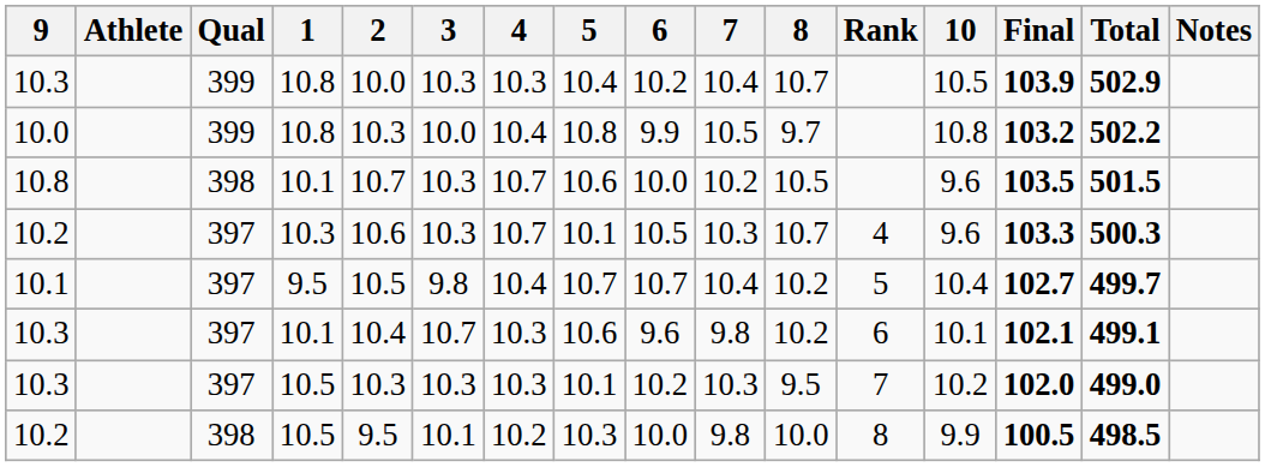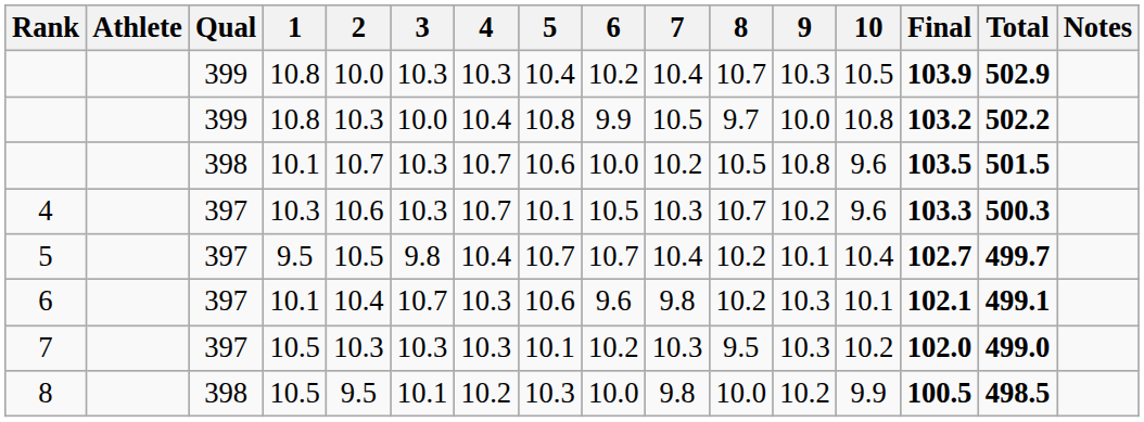 <table class="wikitable sortable">
 <tr>
-<th class="unsortable" style="width: 28px">9</th>
+<th>Rank</th>
 <th>Athlete</th>
 <th>Qual</th>
 <th class="unsortable" style="width: 28px">1</th>
 <th class="unsortable" style="width: 28px">2</th>
 <th class="unsortable" style="width: 28px">3</th>
 <th class="unsortable" style="width: 28px">4</th>
 <th class="unsortable" style="width: 28px">5</th>
 <th class="unsortable" style="width: 28px">6</th>
 <th class="unsortable" style="width: 28px">7</th>
 <th class="unsortable" style="width: 28px">8</th>
-<th>Rank</th>
+<th class="unsortable" style="width: 28px">9</th>
 <th class="unsortable" style="width: 28px">10</th>
 <th>Final</th>
 <th>Total</th>
 <th class="unsortable">Notes</th>
 </tr>
 <tr>
-<td align="center">10.3</td>
+<td align="center"></td>
 <td></td>
 <td align="center">399</td>
 <td align="center">10.8</td>
 <td align="center">10.0</td>
 <td align="center">10.3</td>
 <td align="center">10.3</td>
 <td align="center">10.4</td>
 <td align="center">10.2</td>
 <td align="center">10.4</td>
 <td align="center">10.7</td>
-<td align="center"></td>
+<td align="center">10.3</td>
 <td align="center">10.5</td>
 <td align="center"><strong>103.9</strong></td>
 <td align="center"><strong>502.9</strong></td>
 <td align="center"></td>
 </tr>
 <tr>
-<td align="center">10.0</td>
+<td align="center"></td>
 <td></td>
 <td align="center">399</td>
 <td align="center">10.8</td>
 <td align="center">10.3</td>
 <td align="center">10.0</td>
 <td align="center">10.4</td>
 <td align="center">10.8</td>
 <td align="center">9.9</td>
 <td align="center">10.5</td>
 <td align="center">9.7</td>
-<td align="center"></td>
+<td align="center">10.0</td>
 <td align="center">10.8</td>
 <td align="center"><strong>103.2</strong></td>
 <td align="center"><strong>502.2</strong></td>
 <td align="center"></td>
 </tr>
 <tr>
-<td align="center">10.8</td>
+<td align="center"></td>
 <td></td>
 <td align="center">398</td>
 <td align="center">10.1</td>
 <td align="center">10.7</td>
 <td align="center">10.3</td>
 <td align="center">10.7</td>
 <td align="center">10.6</td>
 <td align="center">10.0</td>
 <td align="center">10.2</td>
 <td align="center">10.5</td>
-<td align="center"></td>
+<td align="center">10.8</td>
 <td align="center">9.6</td>
 <td align="center"><strong>103.5</strong></td>
 <td align="center"><strong>501.5</strong></td>
 <td align="center"></td>
 </tr>
 <tr>
-<td align="center">10.2</td>
+<td align="center">4</td>
 <td></td>
 <td align="center">397</td>
 <td align="center">10.3</td>
 <td align="center">10.6</td>
 <td align="center">10.3</td>
 <td align="center">10.7</td>
 <td align="center">10.1</td>
 <td align="center">10.5</td>
 <td align="center">10.3</td>
 <td align="center">10.7</td>
-<td align="center">4</td>
+<td align="center">10.2</td>
 <td align="center">9.6</td>
 <td align="center"><strong>103.3</strong></td>
 <td align="center"><strong>500.3</strong></td>
 <td align="center"></td>
 </tr>
 <tr>
-<td align="center">10.1</td>
+<td align="center">5</td>
 <td></td>
 <td align="center">397</td>
 <td align="center">9.5</td>
 <td align="center">10.5</td>
 <td align="center">9.8</td>
 <td align="center">10.4</td>
 <td align="center">10.7</td>
 <td align="center">10.7</td>
 <td align="center">10.4</td>
 <td align="center">10.2</td>
-<td align="center">5</td>
+<td align="center">10.1</td>
 <td align="center">10.4</td>
 <td align="center"><strong>102.7</strong></td>
 <td align="center"><strong>499.7</strong></td>
 <td align="center"></td>
 </tr>
 <tr>
-<td align="center">10.3</td>
+<td align="center">6</td>
 <td></td>
 <td align="center">397</td>
 <td align="center">10.1</td>
 <td align="center">10.4</td>
 <td align="center">10.7</td>
 <td align="center">10.3</td>
 <td align="center">10.6</td>
 <td align="center">9.6</td>
 <td align="center">9.8</td>
 <td align="center">10.2</td>
-<td align="center">6</td>
+<td align="center">10.3</td>
 <td align="center">10.1</td>
 <td align="center"><strong>102.1</strong></td>
 <td align="center"><strong>499.1</strong></td>
 <td align="center"></td>
 </tr>
 <tr>
-<td align="center">10.3</td>
+<td align="center">7</td>
 <td></td>
 <td align="center">397</td>
 <td align="center">10.5</td>
 <td align="center">10.3</td>
 <td align="center">10.3</td>
 <td align="center">10.3</td>
 <td align="center">10.1</td>
 <td align="center">10.2</td>
 <td align="center">10.3</td>
 <td align="center">9.5</td>
-<td align="center">7</td>
+<td align="center">10.3</td>
 <td align="center">10.2</td>
 <td align="center"><strong>102.0</strong></td>
 <td align="center"><strong>499.0</strong></td>
 <td align="center"></td>
 </tr>
 <tr>
-<td align="center">10.2</td>
+<td align="center">8</td>
 <td></td>
 <td align="center">398</td>
 <td align="center">10.5</td>
 <td align="center">9.5</td>
 <td align="center">10.1</td>
 <td align="center">10.2</td>
 <td align="center">10.3</td>
 <td align="center">10.0</td>
 <td align="center">9.8</td>
 <td align="center">10.0</td>
-<td align="center">8</td>
+<td align="center">10.2</td>
 <td align="center">9.9</td>
 <td align="center"><strong>100.5</strong></td>
 <td align="center"><strong>498.5</strong></td>
 <td align="center"></td>
 </tr>
 </table>
